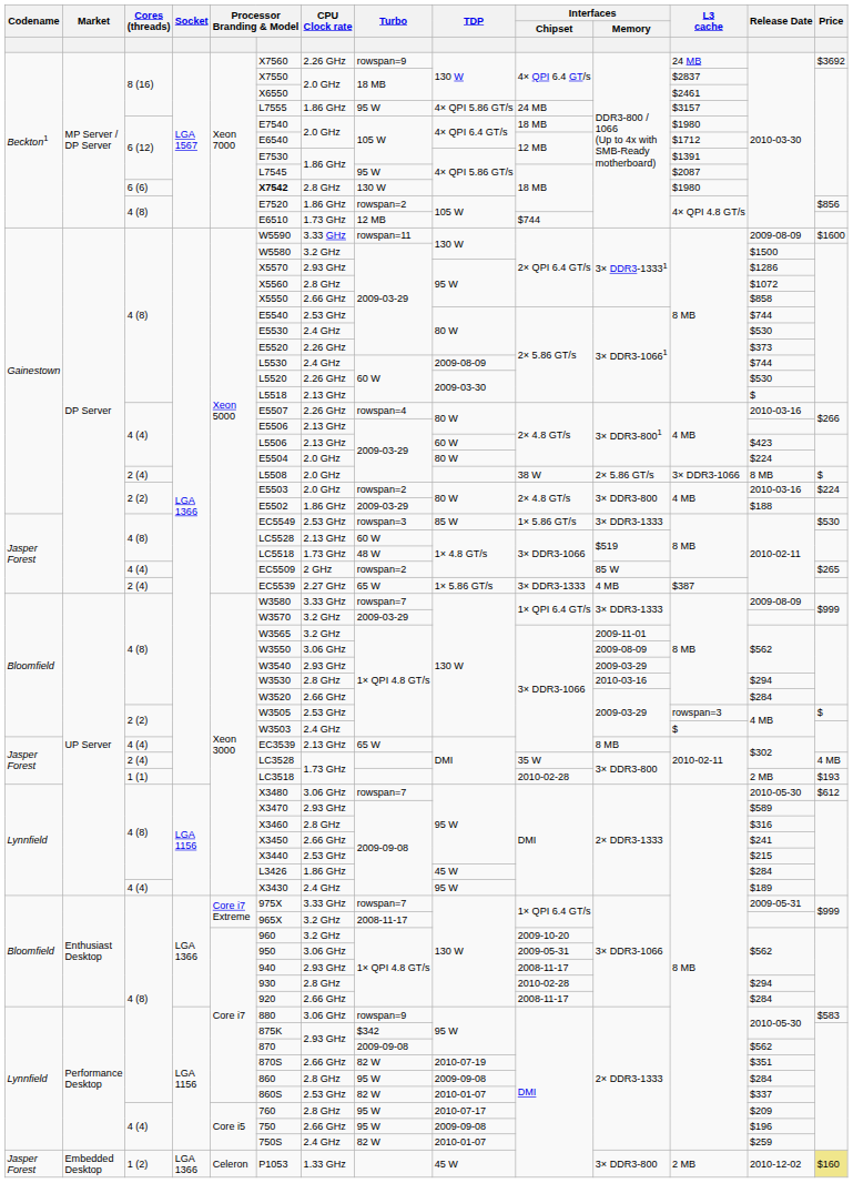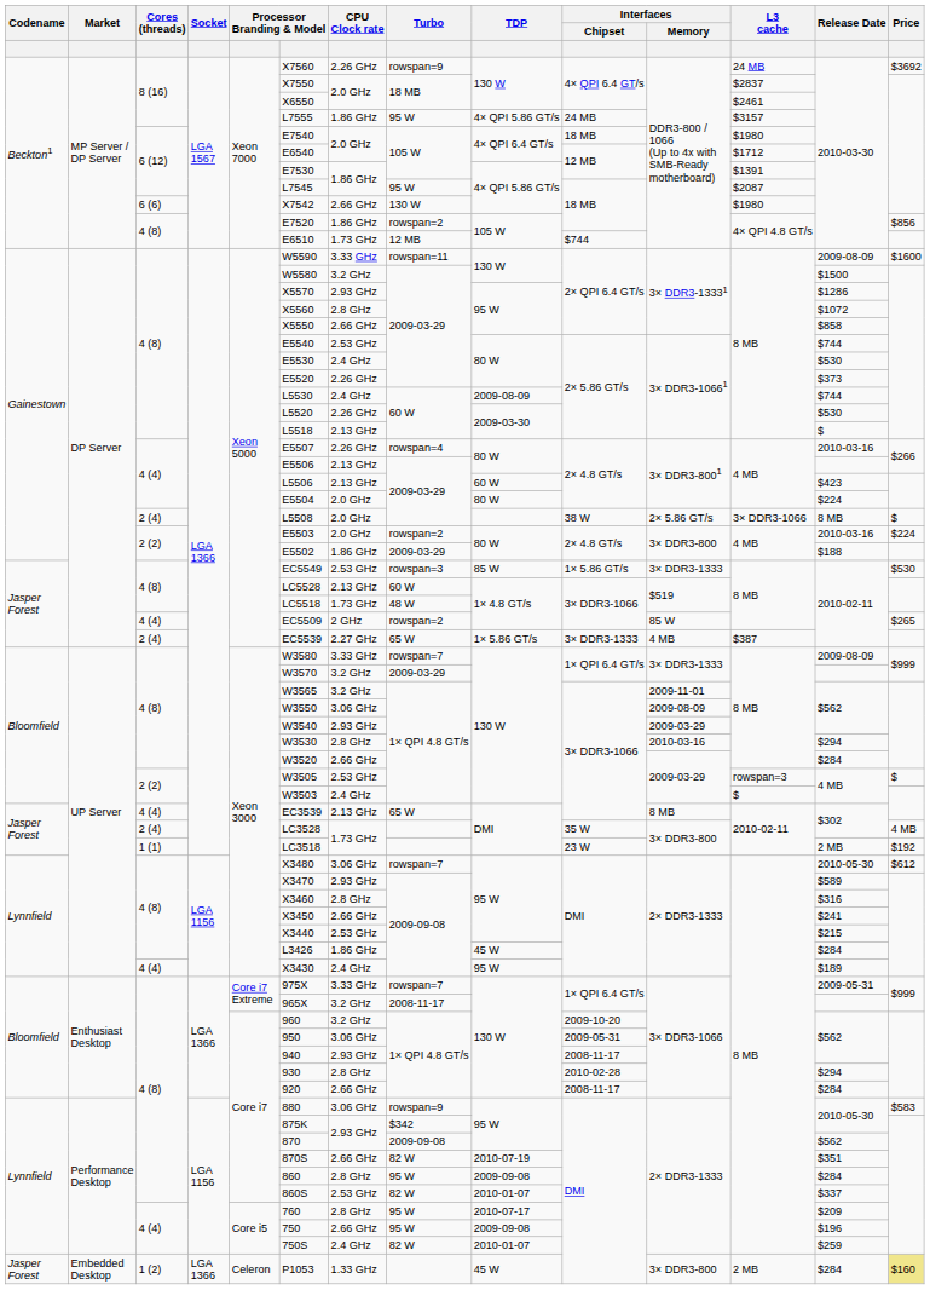 <table class="wikitable sortable hover-highlight" style="font-size: 90%" border="1">
 <tr>
 <th rowspan=2>Codename</th>
 <th rowspan=2>Market</th>
 <th rowspan=2><a href='#'>Cores</a><br>(threads)</th>
 <th rowspan=2><a href='#'>Socket</a></th>
 <th colspan=2 rowspan=2>Processor<br>Branding & Model</th>
 <th rowspan=2>CPU<br><a href='#'>Clock rate</a></th>
 <th rowspan=2><a href='#'>Turbo</a></th>
 <th rowspan=2><a href='#'>TDP</a></th>
 <th colspan=2>Interfaces</th>
 <th rowspan=2><a href='#'>L3<br>cache</a></th>
 <th rowspan=2>Release Date</th>
 <th rowspan=2>Price</th>
 </tr>
 <tr>
 <th>Chipset</th>
 <th>Memory</th>
 </tr>
 <tr>
 <th style="background-position:center"><br></th>
 <th style="background-position:center"></th>
 <th style="background-position:center"></th>
 <th style="background-position:center"></th>
 <th style="background-position:center"></th>
 <th style="background-position:center"></th>
 <th style="background-position:center"></th>
 <th style="background-position:center"></th>
 <th style="background-position:center"></th>
 <th style="background-position:center"></th>
 <th style="background-position:center"></th>
 <th style="background-position:center"></th>
 <th style="background-position:center"></th>
 <th style="background-position:center"></th>
 </tr>
 <tr>
 <td rowspan=11><em>Beckton</em><sup>1</sup></td>
 <td rowspan=11>MP Server /<br>DP Server</td>
 <td rowspan=4>8 (16)</td>
 <td rowspan=11><a href='#'>LGA<br>1567</a></td>
 <td rowspan=11>Xeon<br>7000</td>
 <td>X7560</td>
 <td>2.26 GHz</td>
 <td>rowspan=9 </td>
 <td rowspan=3>130 <a href='#'>W</a></td>
 <td rowspan=3>4× <a href='#'>QPI</a> 6.4 <a href='#'>GT</a>/s</td>
 <td rowspan=11>DDR3-800 /<br>1066<br>(Up to 4x with<br>SMB-Ready<br>motherboard)</td>
 <td>24 <a href='#'>MB</a></td>
 <td rowspan=11>2010-03-30</td>
 <td>$3692</td>
 </tr>
 <tr>
 <td>X7550</td>
 <td rowspan=2>2.0 GHz</td>
 <td rowspan=2>18 MB</td>
 <td>$2837</td>
 </tr>
 <tr>
 <td>X6550</td>
 <td>$2461</td>
 </tr>
 <tr>
 <td>L7555</td>
 <td>1.86 GHz</td>
 <td>95 W</td>
 <td>4× QPI 5.86 GT/s</td>
 <td>24 MB</td>
 <td>$3157</td>
 </tr>
 <tr>
 <td rowspan=4>6 (12)</td>
 <td>E7540</td>
 <td rowspan=2>2.0 GHz</td>
 <td rowspan=3>105 W</td>
 <td rowspan=2>4× QPI 6.4 GT/s</td>
 <td>18 MB</td>
 <td>$1980</td>
 </tr>
 <tr>
 <td>E6540</td>
 <td rowspan=2>12 MB</td>
 <td>$1712</td>
 </tr>
 <tr>
 <td>E7530</td>
 <td rowspan=2>1.86 GHz</td>
 <td rowspan=3>4× QPI 5.86 GT/s</td>
 <td>$1391</td>
 </tr>
 <tr>
 <td>L7545</td>
 <td>95 W</td>
 <td rowspan=3>18 MB</td>
 <td>$2087</td>
 </tr>
 <tr>
 <td>6 (6)</td>
-<td><strong>X7542</strong></td>
-<td>2.8 GHz</td>
+<td>X7542</td>
+<td>2.66 GHz</td>
 <td>130 W</td>
 <td>$1980</td>
 </tr>
 <tr>
 <td rowspan=2>4 (8)</td>
 <td>E7520</td>
 <td>1.86 GHz</td>
 <td>rowspan=2 </td>
 <td rowspan=2>105 W</td>
 <td rowspan=2>4× QPI 4.8 GT/s</td>
 <td>$856</td>
 </tr>
 <tr>
 <td>E6510</td>
 <td>1.73 GHz</td>
 <td>12 MB</td>
 <td>$744</td>
 </tr>
 <tr>
 <td rowspan=18><em>Gainestown</em></td>
 <td rowspan=23>DP Server</td>
 <td rowspan=11>4 (8)</td>
 <td rowspan=35><a href='#'>LGA<br>1366</a></td>
 <td rowspan=23><a href='#'>Xeon</a><br>5000</td>
 <td>W5590</td>
 <td>3.33 <a href='#'>GHz</a></td>
 <td>rowspan=11 </td>
 <td rowspan=2>130 W</td>
 <td rowspan=5>2× QPI 6.4 GT/s</td>
 <td rowspan=5>3× <a href='#'>DDR3</a>-1333<sup>1</sup></td>
 <td rowspan=11>8 MB</td>
 <td>2009-08-09</td>
 <td>$1600</td>
 </tr>
 <tr>
 <td>W5580</td>
 <td>3.2 GHz</td>
 <td rowspan=7>2009-03-29</td>
 <td>$1500</td>
 </tr>
 <tr>
 <td>X5570</td>
 <td>2.93 GHz</td>
 <td rowspan=3>95 W</td>
 <td>$1286</td>
 </tr>
 <tr>
 <td>X5560</td>
 <td>2.8 GHz</td>
 <td>$1072</td>
 </tr>
 <tr>
 <td>X5550</td>
 <td>2.66 GHz</td>
 <td>$858</td>
 </tr>
 <tr>
 <td>E5540</td>
 <td>2.53 GHz</td>
 <td rowspan=3>80 W</td>
 <td rowspan=6>2× 5.86 GT/s</td>
 <td rowspan=6>3× DDR3-1066<sup>1</sup></td>
 <td>$744</td>
 </tr>
 <tr>
 <td>E5530</td>
 <td>2.4 GHz</td>
 <td>$530</td>
 </tr>
 <tr>
 <td>E5520</td>
 <td>2.26 GHz</td>
 <td>$373</td>
 </tr>
 <tr>
 <td>L5530</td>
 <td>2.4 GHz</td>
 <td rowspan=3>60 W</td>
 <td>2009-08-09</td>
 <td>$744</td>
 </tr>
 <tr>
 <td>L5520</td>
 <td>2.26 GHz</td>
 <td rowspan=2>2009-03-30</td>
 <td>$530</td>
 </tr>
 <tr>
 <td>L5518</td>
 <td>2.13 GHz</td>
 <td>$</td>
 </tr>
 <tr>
 <td rowspan=4>4 (4)</td>
 <td>E5507</td>
 <td>2.26 GHz</td>
 <td>rowspan=4 </td>
 <td rowspan=2>80 W</td>
 <td rowspan=4>2× 4.8 GT/s</td>
 <td rowspan=4>3× DDR3-800<sup>1</sup></td>
 <td rowspan=4>4 MB</td>
 <td>2010-03-16</td>
 <td rowspan=2>$266</td>
 </tr>
 <tr>
 <td>E5506</td>
 <td>2.13 GHz</td>
 <td rowspan=4>2009-03-29</td>
 </tr>
 <tr>
 <td>L5506</td>
 <td>2.13 GHz</td>
 <td>60 W</td>
 <td>$423</td>
 </tr>
 <tr>
 <td>E5504</td>
 <td>2.0 GHz</td>
 <td>80 W</td>
 <td>$224</td>
 </tr>
 <tr>
 <td>2 (4)</td>
 <td>L5508</td>
 <td>2.0 GHz</td>
 <td></td>
 <td>38 W</td>
 <td>2× 5.86 GT/s</td>
 <td>3× DDR3-1066</td>
 <td>8 MB</td>
 <td>$</td>
 </tr>
 <tr>
 <td rowspan=2>2 (2)</td>
 <td>E5503</td>
 <td>2.0 GHz</td>
 <td>rowspan=2 </td>
 <td rowspan=2>80 W</td>
 <td rowspan=2>2× 4.8 GT/s</td>
 <td rowspan=2>3× DDR3-800</td>
 <td rowspan=2>4 MB</td>
 <td>2010-03-16</td>
 <td>$224</td>
 </tr>
 <tr>
 <td>E5502</td>
 <td>1.86 GHz</td>
 <td>2009-03-29</td>
 <td>$188</td>
 </tr>
 <tr>
 <td rowspan=5><em>Jasper</em><br><em>Forest</em></td>
 <td rowspan=3>4 (8)</td>
 <td>EC5549</td>
 <td>2.53 GHz</td>
 <td>rowspan=3 </td>
 <td>85 W</td>
 <td>1× 5.86 GT/s</td>
 <td>3× DDR3-1333</td>
 <td rowspan=4>8 MB</td>
 <td rowspan=5>2010-02-11</td>
 <td>$530</td>
 </tr>
 <tr>
 <td>LC5528</td>
 <td>2.13 GHz</td>
 <td>60 W</td>
 <td rowspan=3>1× 4.8 GT/s</td>
 <td rowspan=3>3× DDR3-1066</td>
 <td rowspan=2>$519</td>
 </tr>
 <tr>
 <td>LC5518</td>
 <td>1.73 GHz</td>
 <td>48 W</td>
 </tr>
 <tr>
 <td>4 (4)</td>
 <td>EC5509</td>
 <td>2 GHz</td>
 <td>rowspan=2 </td>
 <td>85 W</td>
 <td>$265</td>
 </tr>
 <tr>
 <td>2 (4)</td>
 <td>EC5539</td>
 <td>2.27 GHz</td>
 <td>65 W</td>
 <td>1× 5.86 GT/s</td>
 <td>3× DDR3-1333</td>
 <td>4 MB</td>
 <td>$387</td>
 </tr>
 <tr>
 <td rowspan=9><em>Bloomfield</em></td>
 <td rowspan=19>UP Server</td>
 <td rowspan=7>4 (8)</td>
 <td rowspan=19>Xeon<br>3000</td>
 <td>W3580</td>
 <td>3.33 GHz</td>
 <td>rowspan=7 </td>
 <td rowspan=9>130 W</td>
 <td rowspan=2>1× QPI 6.4 GT/s</td>
 <td rowspan=2>3× DDR3-1333</td>
 <td rowspan=7>8 MB</td>
 <td>2009-08-09</td>
 <td rowspan=2>$999</td>
 </tr>
 <tr>
 <td>W3570</td>
 <td>3.2 GHz</td>
 <td>2009-03-29</td>
 </tr>
 <tr>
 <td>W3565</td>
 <td>3.2 GHz</td>
 <td rowspan=7>1× QPI 4.8 GT/s</td>
 <td rowspan=8>3× DDR3-1066</td>
 <td>2009-11-01</td>
 <td rowspan=3>$562</td>
 </tr>
 <tr>
 <td>W3550</td>
 <td>3.06 GHz</td>
 <td>2009-08-09</td>
 </tr>
 <tr>
 <td>W3540</td>
 <td>2.93 GHz</td>
 <td>2009-03-29</td>
 </tr>
 <tr>
 <td>W3530</td>
 <td>2.8 GHz</td>
 <td>2010-03-16</td>
 <td>$294</td>
 </tr>
 <tr>
 <td>W3520</td>
 <td>2.66 GHz</td>
 <td rowspan=3>2009-03-29</td>
 <td>$284</td>
 </tr>
 <tr>
 <td rowspan=2>2 (2)</td>
 <td>W3505</td>
 <td>2.53 GHz</td>
 <td>rowspan=3 </td>
 <td rowspan=2>4 MB</td>
 <td>$</td>
 </tr>
 <tr>
 <td>W3503</td>
 <td>2.4 GHz</td>
 <td>$</td>
 </tr>
 <tr>
 <td rowspan=3><em>Jasper</em><br><em>Forest</em></td>
 <td>4 (4)</td>
 <td>EC3539</td>
 <td>2.13 GHz</td>
 <td>65 W</td>
 <td rowspan=3>DMI</td>
 <td>8 MB</td>
 <td rowspan=3>2010-02-11</td>
 <td rowspan=2>$302</td>
 </tr>
 <tr>
 <td>2 (4)</td>
 <td>LC3528</td>
 <td rowspan=2>1.73 GHz</td>
 <td></td>
 <td>35 W</td>
 <td rowspan=2>3× DDR3-800</td>
 <td>4 MB</td>
 </tr>
 <tr>
 <td>1 (1)</td>
 <td>LC3518</td>
 <td></td>
-<td>2010-02-28</td>
+<td>23 W</td>
 <td>2 MB</td>
-<td>$193</td>
+<td>$192</td>
 </tr>
 <tr>
 <td rowspan=7><em>Lynnfield</em></td>
 <td rowspan=6>4 (8)</td>
 <td rowspan=7><a href='#'>LGA<br>1156</a></td>
 <td>X3480</td>
 <td>3.06 GHz</td>
 <td>rowspan=7 </td>
 <td rowspan=5>95 W</td>
 <td rowspan=7>DMI</td>
 <td rowspan=7>2× DDR3-1333</td>
 <td rowspan=23>8 MB</td>
 <td>2010-05-30</td>
 <td>$612</td>
 </tr>
 <tr>
 <td>X3470</td>
 <td>2.93 GHz</td>
 <td rowspan=6>2009-09-08</td>
 <td>$589</td>
 </tr>
 <tr>
 <td>X3460</td>
 <td>2.8 GHz</td>
 <td>$316</td>
 </tr>
 <tr>
 <td>X3450</td>
 <td>2.66 GHz</td>
 <td>$241</td>
 </tr>
 <tr>
 <td>X3440</td>
 <td>2.53 GHz</td>
 <td>$215</td>
 </tr>
 <tr>
 <td>L3426</td>
 <td>1.86 GHz</td>
 <td>45 W</td>
 <td>$284</td>
 </tr>
 <tr>
 <td>4 (4)</td>
 <td>X3430</td>
 <td>2.4 GHz</td>
 <td>95 W</td>
 <td>$189</td>
 </tr>
 <tr>
 <td rowspan=7><em>Bloomfield</em></td>
 <td rowspan=7>Enthusiast<br>Desktop</td>
 <td rowspan=13>4 (8)</td>
 <td rowspan=7>LGA<br>1366</td>
 <td rowspan=2><a href='#'>Core i7</a><br>Extreme</td>
 <td>975X</td>
 <td>3.33 GHz</td>
 <td>rowspan=7 </td>
 <td rowspan=7>130 W</td>
 <td rowspan=2>1× QPI 6.4 GT/s</td>
 <td rowspan=7>3× DDR3-1066</td>
 <td>2009-05-31</td>
 <td rowspan=2>$999</td>
 </tr>
 <tr>
 <td>965X</td>
 <td>3.2 GHz</td>
 <td>2008-11-17</td>
 </tr>
 <tr>
 <td rowspan=11>Core i7</td>
 <td>960</td>
 <td>3.2 GHz</td>
 <td rowspan=5>1× QPI 4.8 GT/s</td>
 <td>2009-10-20</td>
 <td rowspan=3>$562</td>
 </tr>
 <tr>
 <td>950</td>
 <td>3.06 GHz</td>
 <td>2009-05-31</td>
 </tr>
 <tr>
 <td>940</td>
 <td>2.93 GHz</td>
 <td>2008-11-17</td>
 </tr>
 <tr>
 <td>930</td>
 <td>2.8 GHz</td>
 <td>2010-02-28</td>
 <td>$294</td>
 </tr>
 <tr>
 <td>920</td>
 <td>2.66 GHz</td>
 <td>2008-11-17</td>
 <td>$284</td>
 </tr>
 <tr>
 <td rowspan=9><em>Lynnfield</em></td>
 <td rowspan=9>Performance<br>Desktop</td>
 <td rowspan=9>LGA<br>1156</td>
 <td>880</td>
 <td>3.06 GHz</td>
 <td>rowspan=9 </td>
 <td rowspan=3>95 W</td>
 <td rowspan=10><a href='#'>DMI</a></td>
 <td rowspan=9>2× DDR3-1333</td>
 <td rowspan=2>2010-05-30</td>
 <td>$583</td>
 </tr>
 <tr>
 <td>875K</td>
 <td rowspan=2>2.93 GHz</td>
 <td>$342</td>
 </tr>
 <tr>
 <td>870</td>
 <td>2009-09-08</td>
 <td>$562</td>
 </tr>
 <tr>
 <td>870S</td>
 <td>2.66 GHz</td>
 <td>82 W</td>
 <td>2010-07-19</td>
 <td>$351</td>
 </tr>
 <tr>
 <td>860</td>
 <td>2.8 GHz</td>
 <td>95 W</td>
 <td>2009-09-08</td>
 <td>$284</td>
 </tr>
 <tr>
 <td>860S</td>
 <td>2.53 GHz</td>
 <td>82 W</td>
 <td>2010-01-07</td>
 <td>$337</td>
 </tr>
 <tr>
 <td rowspan=3>4 (4)</td>
 <td rowspan=3>Core i5</td>
 <td>760</td>
 <td>2.8 GHz</td>
 <td>95 W</td>
 <td>2010-07-17</td>
 <td>$209</td>
 </tr>
 <tr>
 <td>750</td>
 <td>2.66 GHz</td>
 <td>95 W</td>
 <td>2009-09-08</td>
 <td>$196</td>
 </tr>
 <tr>
 <td>750S</td>
 <td>2.4 GHz</td>
 <td>82 W</td>
 <td>2010-01-07</td>
 <td>$259</td>
 </tr>
 <tr>
 <td><em>Jasper</em><br><em>Forest</em></td>
 <td>Embedded<br>Desktop</td>
 <td>1 (2)</td>
 <td>LGA<br>1366</td>
 <td>Celeron</td>
 <td>P1053</td>
 <td>1.33 GHz</td>
 <td></td>
 <td>45 W</td>
 <td>3× DDR3-800</td>
 <td>2 MB</td>
-<td>2010-12-02</td>
+<td>$284</td>
 <td style="background: khaki;">$160</td>
 </tr>
 </table>
